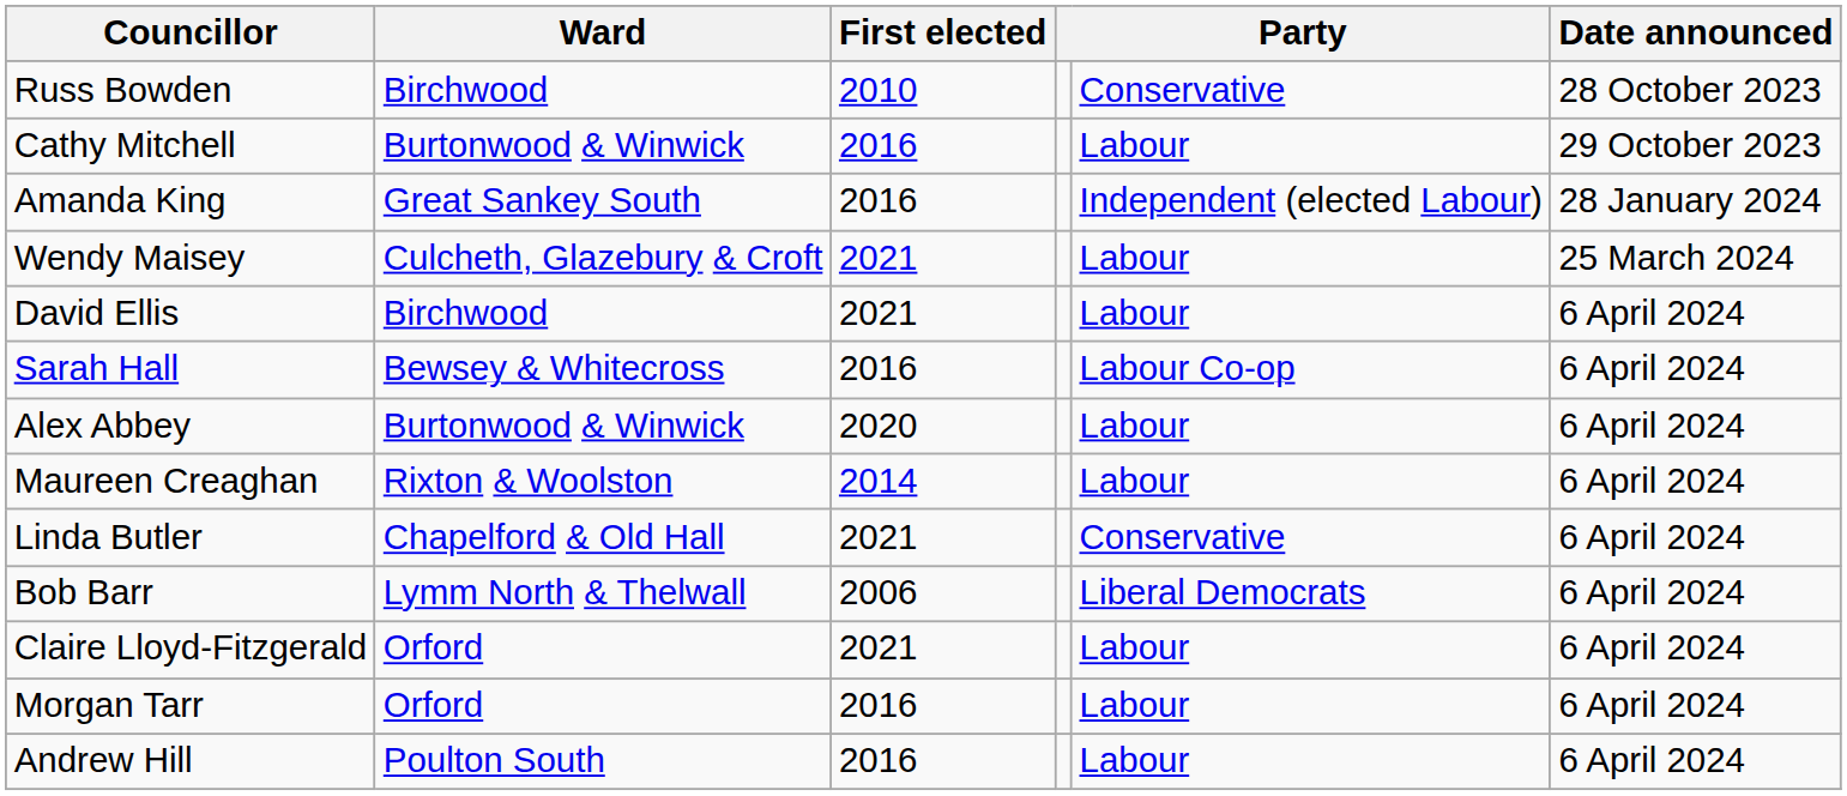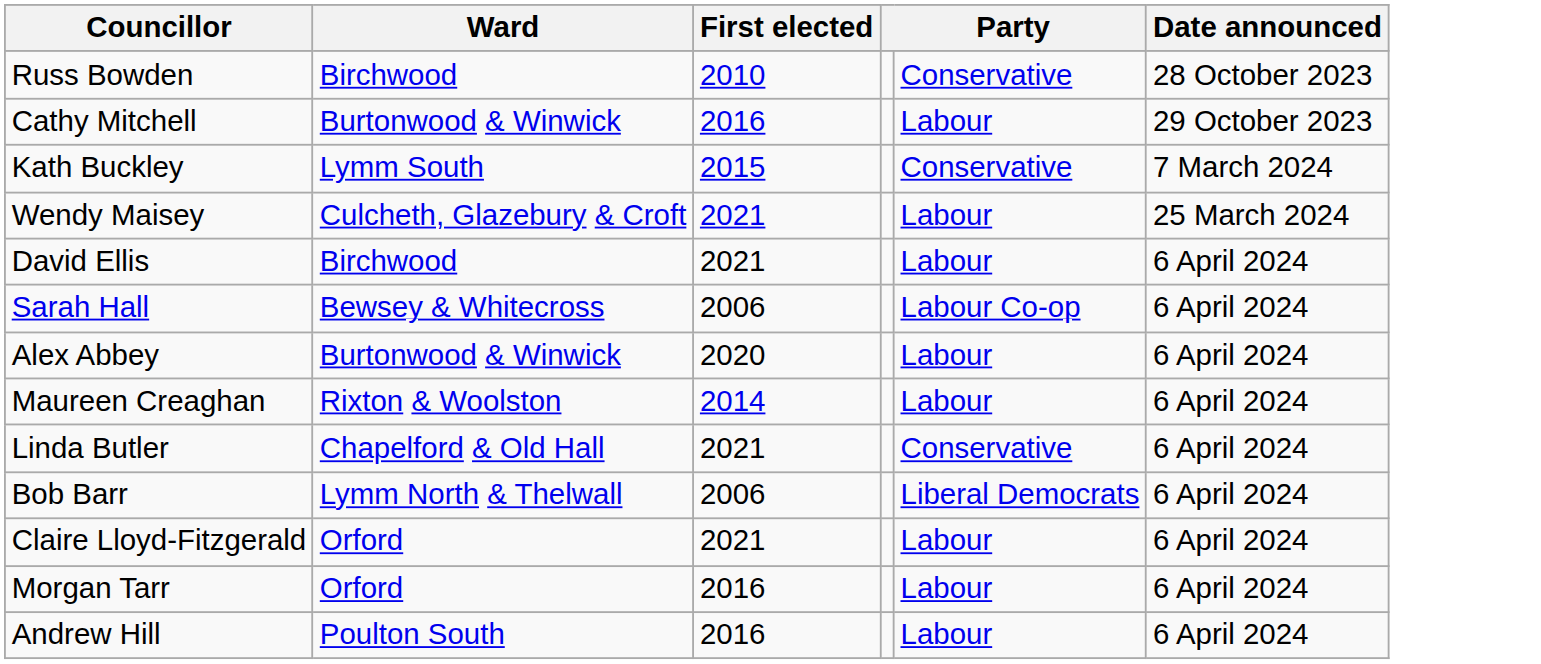 <table class="wikitable sortable">
 <tr>
 <th scope="col">Councillor</th>
 <th scope="col">Ward</th>
 <th scope="col">First elected</th>
 <th colspan="2" scope="col">Party</th>
 <th scope="col">Date announced</th>
 </tr>
 <tr>
 <td>Russ Bowden</td>
 <td><a href='#'>Birchwood</a></td>
 <td><a href='#'>2010</a></td>
 <td style="color:inherit;background:"></td>
 <td><a href='#'>Conservative</a></td>
 <td>28 October 2023</td>
 </tr>
 <tr>
 <td>Cathy Mitchell</td>
 <td><a href='#'>Burtonwood</a> <a href='#'>& Winwick</a></td>
 <td><a href='#'>2016</a></td>
 <td style="color:inherit;background:"></td>
 <td><a href='#'>Labour</a></td>
 <td>29 October 2023</td>
 </tr>
 <tr>
-<td>Amanda King</td>
-<td><a href='#'>Great Sankey South</a></td>
-<td>2016</td>
+<td>Kath Buckley</td>
+<td><a href='#'>Lymm South</a></td>
+<td><a href='#'>2015</a></td>
 <td style="color:inherit;background:"></td>
-<td><a href='#'>Independent</a> (elected <a href='#'>Labour</a>)</td>
-<td>28 January 2024</td>
+<td><a href='#'>Conservative</a></td>
+<td>7 March 2024</td>
 </tr>
 <tr>
 <td>Wendy Maisey</td>
 <td><a href='#'>Culcheth, Glazebury</a> <a href='#'>& Croft</a></td>
 <td><a href='#'>2021</a></td>
 <td style="color:inherit;background:"></td>
 <td><a href='#'>Labour</a></td>
 <td>25 March 2024</td>
 </tr>
 <tr>
 <td>David Ellis</td>
 <td><a href='#'>Birchwood</a></td>
 <td>2021</td>
 <td style="color:inherit;background:"></td>
 <td><a href='#'>Labour</a></td>
 <td>6 April 2024</td>
 </tr>
 <tr>
 <td><a href='#'>Sarah Hall</a></td>
 <td><a href='#'>Bewsey & Whitecross</a></td>
-<td>2016</td>
+<td>2006</td>
 <td style="color:inherit;background:"></td>
 <td><a href='#'>Labour Co-op</a></td>
 <td>6 April 2024</td>
 </tr>
 <tr>
 <td>Alex Abbey</td>
 <td><a href='#'>Burtonwood</a> <a href='#'>& Winwick</a></td>
 <td>2020</td>
 <td style="color:inherit;background:"></td>
 <td><a href='#'>Labour</a></td>
 <td>6 April 2024</td>
 </tr>
 <tr>
 <td>Maureen Creaghan</td>
 <td><a href='#'>Rixton</a> <a href='#'>& Woolston</a></td>
 <td><a href='#'>2014</a></td>
 <td style="color:inherit;background:"></td>
 <td><a href='#'>Labour</a></td>
 <td>6 April 2024</td>
 </tr>
 <tr>
 <td>Linda Butler</td>
 <td><a href='#'>Chapelford</a> <a href='#'>& Old Hall</a></td>
 <td>2021</td>
 <td style="color:inherit;background:"></td>
 <td><a href='#'>Conservative</a></td>
 <td>6 April 2024</td>
 </tr>
 <tr>
 <td>Bob Barr</td>
 <td><a href='#'>Lymm North</a> <a href='#'>& Thelwall</a></td>
 <td>2006</td>
 <td style="color:inherit;background:"></td>
 <td><a href='#'>Liberal Democrats</a></td>
 <td>6 April 2024</td>
 </tr>
 <tr>
 <td>Claire Lloyd-Fitzgerald</td>
 <td><a href='#'>Orford</a></td>
 <td>2021</td>
 <td style="color:inherit;background:"></td>
 <td><a href='#'>Labour</a></td>
 <td>6 April 2024</td>
 </tr>
 <tr>
 <td>Morgan Tarr</td>
 <td><a href='#'>Orford</a></td>
 <td>2016</td>
 <td style="color:inherit;background:"></td>
 <td><a href='#'>Labour</a></td>
 <td>6 April 2024</td>
 </tr>
 <tr>
 <td>Andrew Hill</td>
 <td><a href='#'>Poulton South</a></td>
 <td>2016</td>
 <td style="color:inherit;background:"></td>
 <td><a href='#'>Labour</a></td>
 <td>6 April 2024</td>
 </tr>
 </table>
